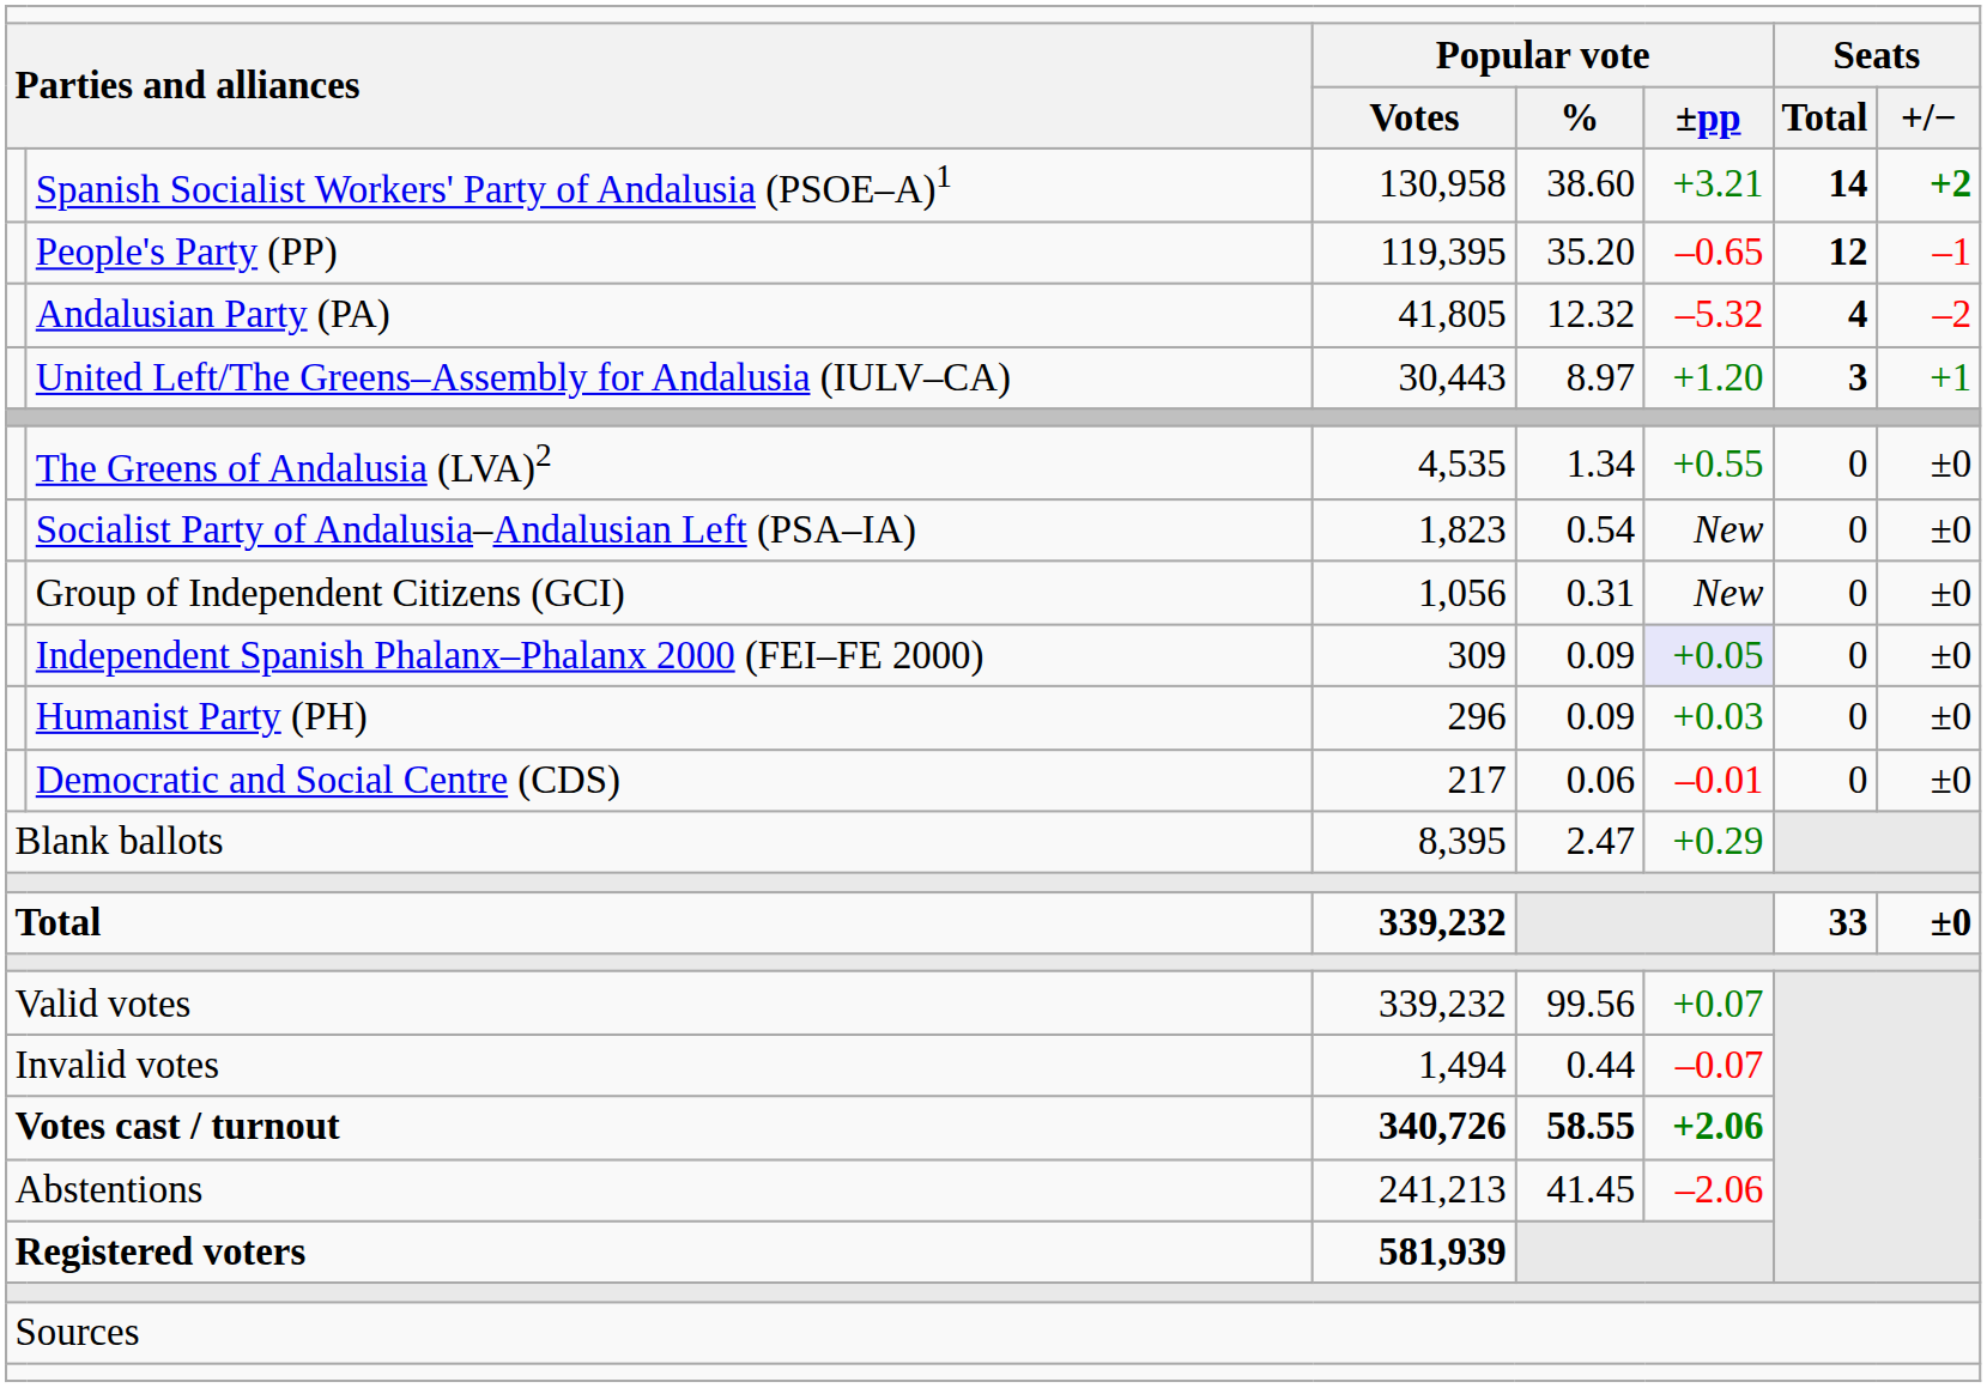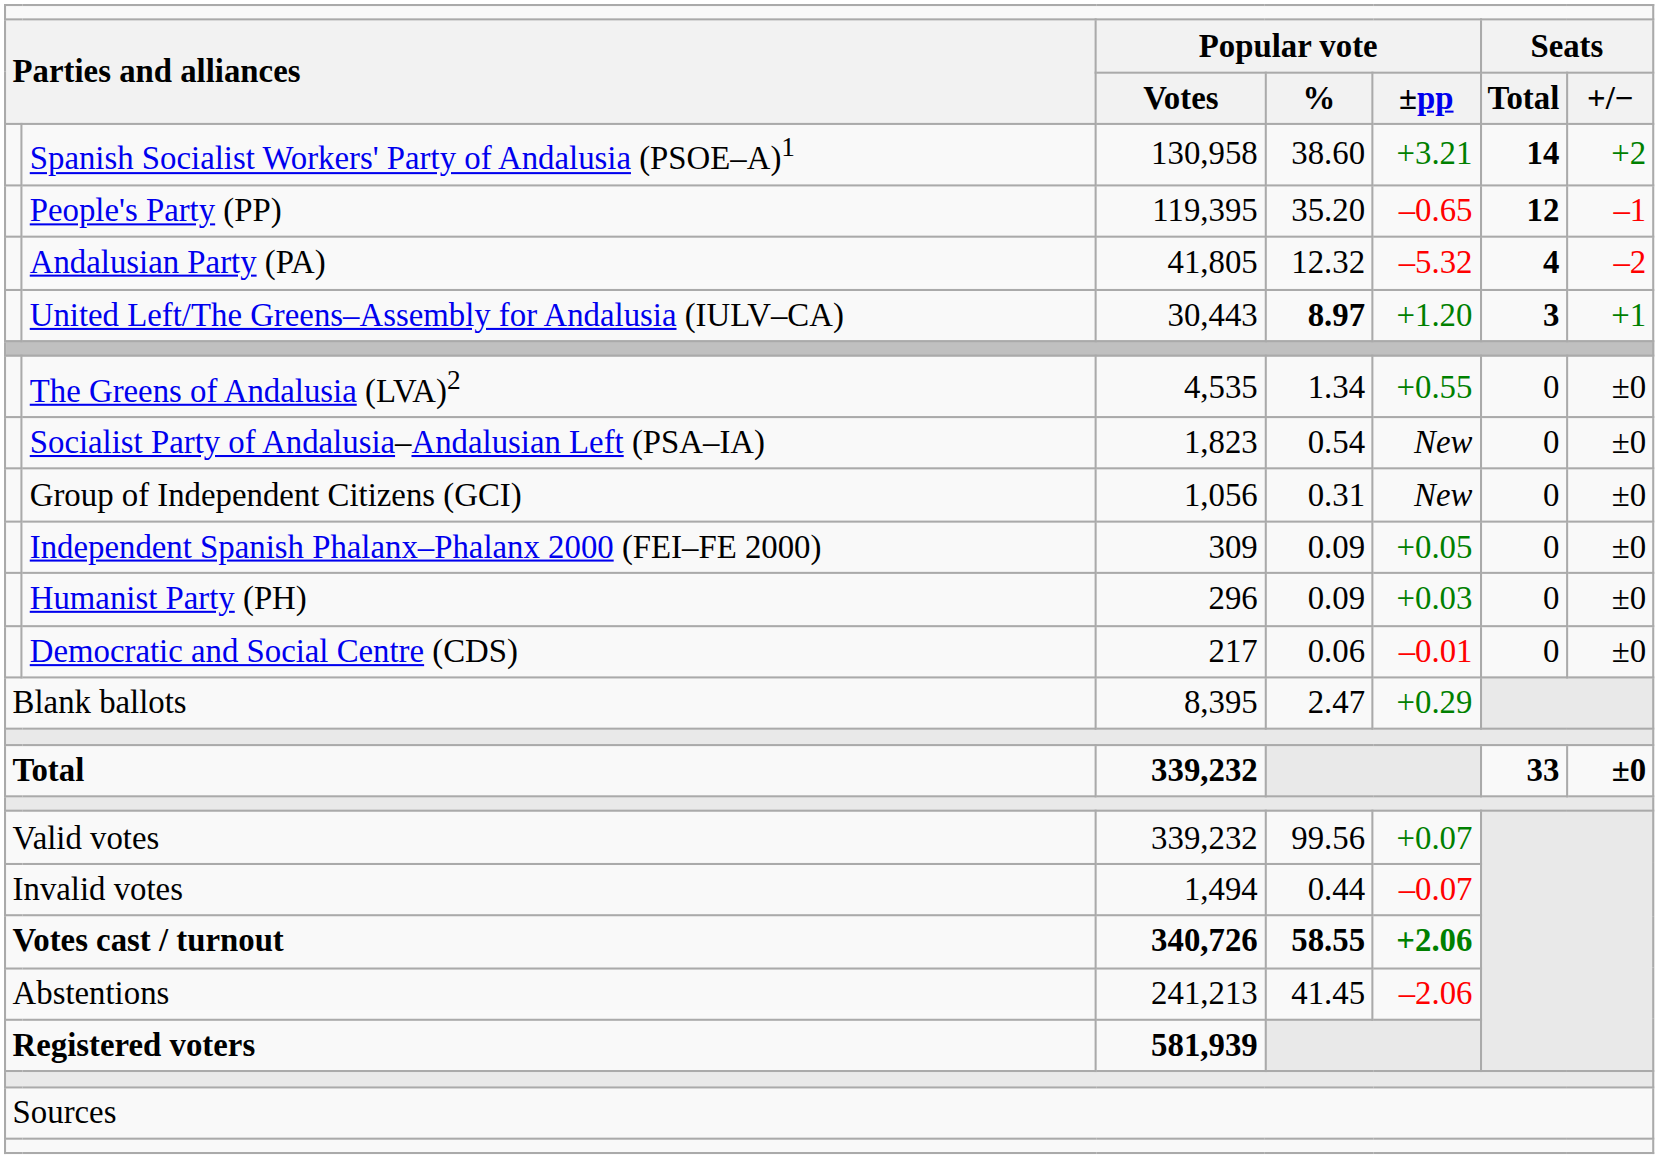 <table class="wikitable" style="text-align:right;">
 <tr>
 <td colspan="7"></td>
 </tr>
 <tr>
 <th style="text-align:left;" rowspan="2" colspan="2" width="525">Parties and alliances</th>
 <th colspan="3">Popular vote</th>
 <th colspan="2">Seats</th>
 </tr>
 <tr>
 <th width="75">Votes</th>
 <th width="45">%</th>
 <th width="45">±<a href='#'>pp</a></th>
 <th width="35">Total</th>
 <th width="35">+/−</th>
 </tr>
 <tr>
 <td width="1" style="color:inherit;background:"></td>
 <td align="left"><a href='#'>Spanish Socialist Workers' Party of Andalusia</a> (PSOE–A)<sup>1</sup></td>
 <td>130,958</td>
 <td>38.60</td>
 <td style="color:green;">+3.21</td>
 <td><strong>14</strong></td>
-<td style="color:green;"><strong>+2</strong></td>
+<td style="color:green;">+2</td>
 </tr>
 <tr>
 <td style="color:inherit;background:"></td>
 <td align="left"><a href='#'>People's Party</a> (PP)</td>
 <td>119,395</td>
 <td>35.20</td>
 <td style="color:red;">–0.65</td>
 <td><strong>12</strong></td>
 <td style="color:red;">–1</td>
 </tr>
 <tr>
 <td style="color:inherit;background:"></td>
 <td align="left"><a href='#'>Andalusian Party</a> (PA)</td>
 <td>41,805</td>
 <td>12.32</td>
 <td style="color:red;">–5.32</td>
 <td><strong>4</strong></td>
 <td style="color:red;">–2</td>
 </tr>
 <tr>
 <td style="color:inherit;background:"></td>
 <td align="left"><a href='#'>United Left/The Greens–Assembly for Andalusia</a> (IULV–CA)</td>
 <td>30,443</td>
-<td>8.97</td>
+<td><strong>8.97</strong></td>
 <td style="color:green;">+1.20</td>
 <td><strong>3</strong></td>
 <td style="color:green;">+1</td>
 </tr>
 <tr>
 <td colspan="7" bgcolor="#C0C0C0"></td>
 </tr>
 <tr>
 <td style="color:inherit;background:"></td>
 <td align="left"><a href='#'>The Greens of Andalusia</a> (LVA)<sup>2</sup></td>
 <td>4,535</td>
 <td>1.34</td>
 <td style="color:green;">+0.55</td>
 <td>0</td>
 <td>±0</td>
 </tr>
 <tr>
 <td style="color:inherit;background:"></td>
 <td align="left"><a href='#'>Socialist Party of Andalusia</a>–<a href='#'>Andalusian Left</a> (PSA–IA)</td>
 <td>1,823</td>
 <td>0.54</td>
 <td><em>New</em></td>
 <td>0</td>
 <td>±0</td>
 </tr>
 <tr>
 <td style="color:inherit;background:"></td>
 <td align="left">Group of Independent Citizens (GCI)</td>
 <td>1,056</td>
 <td>0.31</td>
 <td><em>New</em></td>
 <td>0</td>
 <td>±0</td>
 </tr>
 <tr>
 <td style="color:inherit;background:"></td>
 <td align="left"><a href='#'>Independent Spanish Phalanx–Phalanx 2000</a> (FEI–FE 2000)</td>
 <td>309</td>
 <td>0.09</td>
-<td style="background: lavender; color:green;">+0.05</td>
+<td style="color:green;">+0.05</td>
 <td>0</td>
 <td>±0</td>
 </tr>
 <tr>
 <td style="color:inherit;background:"></td>
 <td align="left"><a href='#'>Humanist Party</a> (PH)</td>
 <td>296</td>
 <td>0.09</td>
 <td style="color:green;">+0.03</td>
 <td>0</td>
 <td>±0</td>
 </tr>
 <tr>
 <td style="color:inherit;background:"></td>
 <td align="left"><a href='#'>Democratic and Social Centre</a> (CDS)</td>
 <td>217</td>
 <td>0.06</td>
 <td style="color:red;">–0.01</td>
 <td>0</td>
 <td>±0</td>
 </tr>
 <tr>
 <td align="left" colspan="2">Blank ballots</td>
 <td>8,395</td>
 <td>2.47</td>
 <td style="color:green;">+0.29</td>
 <td bgcolor="#E9E9E9" colspan="2"></td>
 </tr>
 <tr>
 <td colspan="7" bgcolor="#E9E9E9"></td>
 </tr>
 <tr style="font-weight:bold;">
 <td align="left" colspan="2">Total</td>
 <td>339,232</td>
 <td bgcolor="#E9E9E9" colspan="2"></td>
 <td>33</td>
 <td>±0</td>
 </tr>
 <tr>
 <td colspan="7" bgcolor="#E9E9E9"></td>
 </tr>
 <tr>
 <td align="left" colspan="2">Valid votes</td>
 <td>339,232</td>
 <td>99.56</td>
 <td style="color:green;">+0.07</td>
 <td bgcolor="#E9E9E9" colspan="2" rowspan="5"></td>
 </tr>
 <tr>
 <td align="left" colspan="2">Invalid votes</td>
 <td>1,494</td>
 <td>0.44</td>
 <td style="color:red;">–0.07</td>
 </tr>
 <tr style="font-weight:bold;">
 <td align="left" colspan="2">Votes cast / turnout</td>
 <td>340,726</td>
 <td>58.55</td>
 <td style="color:green;">+2.06</td>
 </tr>
 <tr>
 <td align="left" colspan="2">Abstentions</td>
 <td>241,213</td>
 <td>41.45</td>
 <td style="color:red;">–2.06</td>
 </tr>
 <tr style="font-weight:bold;">
 <td align="left" colspan="2">Registered voters</td>
 <td>581,939</td>
 <td bgcolor="#E9E9E9" colspan="2"></td>
 </tr>
 <tr>
 <td colspan="7" bgcolor="#E9E9E9"></td>
 </tr>
 <tr>
 <td align="left" colspan="7">Sources</td>
 </tr>
 <tr>
 <td colspan="7" style="text-align:left; max-width:790px;"></td>
 </tr>
 </table>
